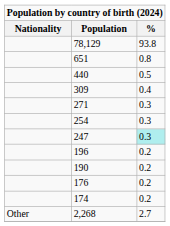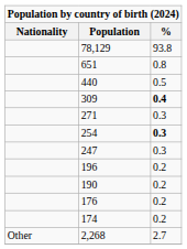 <table class="wikitable" style="float:right;">
 <tr>
 <td colspan="3"><strong>Population by country of birth (2024)</strong></td>
 </tr>
 <tr \>
 <th>Nationality</th>
 <th>Population</th>
 <th>%</th>
 </tr>
 <tr>
 <td></td>
 <td>78,129</td>
 <td>93.8</td>
 </tr>
 <tr>
 <td></td>
 <td>651</td>
 <td>0.8</td>
 </tr>
 <tr>
 <td></td>
 <td>440</td>
 <td>0.5</td>
 </tr>
 <tr>
 <td></td>
 <td>309</td>
-<td>0.4</td>
+<td><strong>0.4</strong></td>
 </tr>
 <tr>
 <td></td>
 <td>271</td>
 <td>0.3</td>
 </tr>
 <tr>
 <td></td>
 <td>254</td>
-<td>0.3</td>
+<td><strong>0.3</strong></td>
 </tr>
 <tr>
 <td></td>
 <td>247</td>
-<td style="background: paleturquoise;">0.3</td>
+<td>0.3</td>
 </tr>
 <tr>
 <td></td>
 <td>196</td>
 <td>0.2</td>
 </tr>
 <tr>
 <td></td>
 <td>190</td>
 <td>0.2</td>
 </tr>
 <tr>
 <td></td>
 <td>176</td>
 <td>0.2</td>
 </tr>
 <tr>
 <td></td>
 <td>174</td>
 <td>0.2</td>
 </tr>
 <tr>
 <td>Other</td>
 <td>2,268</td>
 <td>2.7</td>
 </tr>
 <tr>
 </tr>
 </table>
